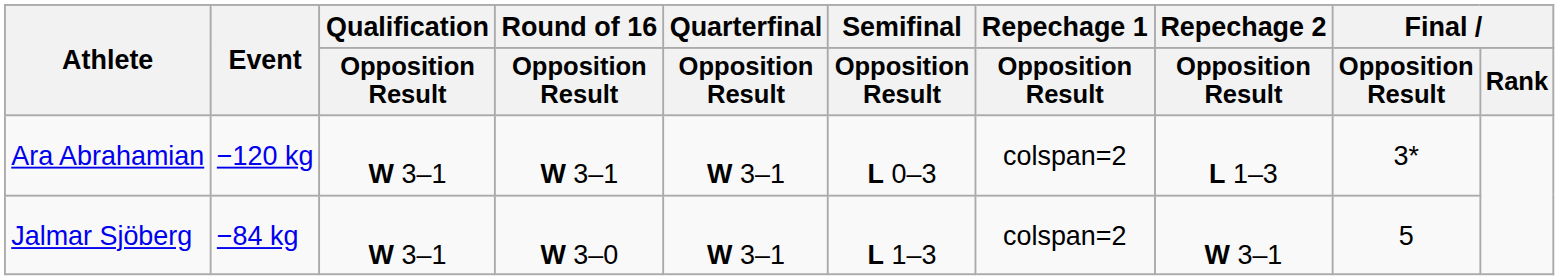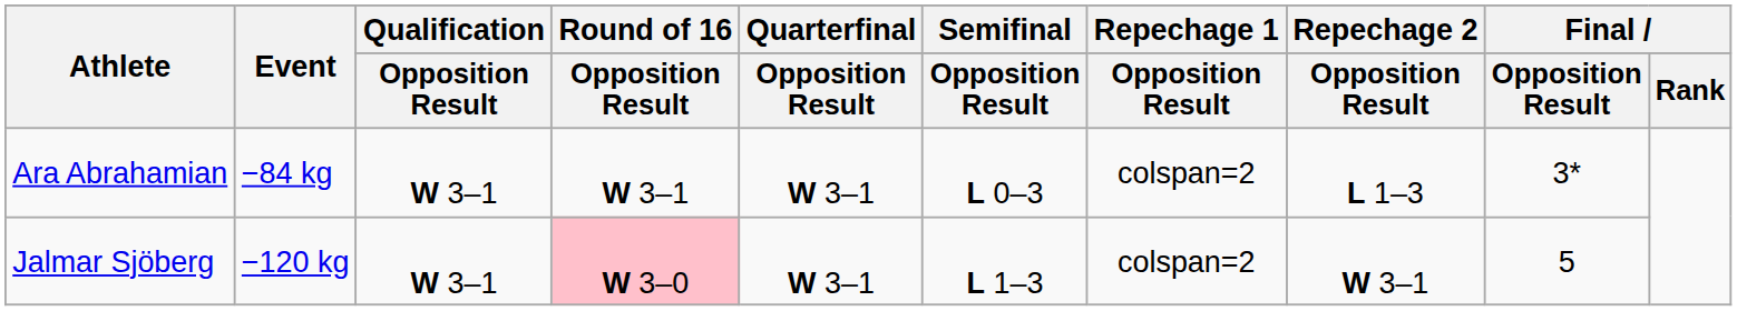 <table class="wikitable" style="font-size:90%">
 <tr>
 <th rowspan="2">Athlete</th>
 <th rowspan="2">Event</th>
 <th>Qualification</th>
 <th>Round of 16</th>
 <th>Quarterfinal</th>
 <th>Semifinal</th>
 <th>Repechage 1</th>
 <th>Repechage 2</th>
 <th colspan=2>Final / </th>
 </tr>
 <tr style="font-size: 95%">
 <th>Opposition<br>Result</th>
 <th>Opposition<br>Result</th>
 <th>Opposition<br>Result</th>
 <th>Opposition<br>Result</th>
 <th>Opposition<br>Result</th>
 <th>Opposition<br>Result</th>
 <th>Opposition<br>Result</th>
 <th>Rank</th>
 </tr>
 <tr align=center>
 <td align=left><a href='#'>Ara Abrahamian</a></td>
-<td align=left><a href='#'>−120 kg</a></td>
+<td align=left><a href='#'>−84 kg</a></td>
 <td><br><strong>W</strong> 3–1 <sup></sup></td>
 <td><br><strong>W</strong> 3–1 <sup></sup></td>
 <td><br><strong>W</strong> 3–1 <sup></sup></td>
 <td><br><strong>L</strong> 0–3 <sup></sup></td>
 <td>colspan=2 </td>
 <td><br><strong>L</strong> 1–3 <sup></sup></td>
 <td>3*</td>
 </tr>
 <tr align=center>
 <td align=left><a href='#'>Jalmar Sjöberg</a></td>
-<td align=left><a href='#'>−84 kg</a></td>
+<td align=left><a href='#'>−120 kg</a></td>
 <td><br><strong>W</strong> 3–1 <sup></sup></td>
-<td><br><strong>W</strong> 3–0 <sup></sup></td>
+<td style="background: pink;"><br><strong>W</strong> 3–0 <sup></sup></td>
 <td><br><strong>W</strong> 3–1 <sup></sup></td>
 <td><br><strong>L</strong> 1–3 <sup></sup></td>
 <td>colspan=2 </td>
 <td><br><strong>W</strong> 3–1 <sup></sup></td>
 <td>5</td>
 </tr>
 </table>
